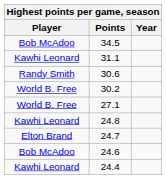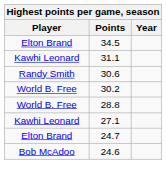 <table class="wikitable sortable" style="text-align:center">
 <tr>
 <th colspan="3">Highest points per game, season</th>
 </tr>
 <tr>
 <th>Player</th>
 <th>Points</th>
 <th>Year</th>
 </tr>
 <tr>
-<td><a href='#'>Bob McAdoo</a></td>
+<td><a href='#'>Elton Brand</a></td>
 <td>34.5</td>
 <td></td>
 </tr>
 <tr>
 <td><a href='#'>Kawhi Leonard</a></td>
 <td>31.1</td>
 <td></td>
 </tr>
 <tr>
 <td><a href='#'>Randy Smith</a></td>
 <td>30.6</td>
 <td></td>
 </tr>
 <tr>
 <td><a href='#'>World B. Free</a></td>
 <td>30.2</td>
 <td></td>
 </tr>
 <tr>
 <td><a href='#'>World B. Free</a></td>
-<td>27.1</td>
+<td>28.8</td>
 <td></td>
 </tr>
 <tr>
 <td><a href='#'>Kawhi Leonard</a></td>
-<td>24.8</td>
+<td>27.1</td>
 <td></td>
 </tr>
 <tr>
 <td><a href='#'>Elton Brand</a></td>
 <td>24.7</td>
 <td></td>
 </tr>
 <tr>
 <td><a href='#'>Bob McAdoo</a></td>
 <td>24.6</td>
 <td></td>
 </tr>
-<tr>
-<td><a href='#'>Kawhi Leonard</a></td>
-<td>24.4</td>
-<td></td>
-</tr>
 </table>
